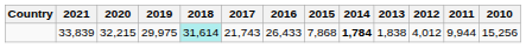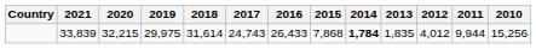 <table class="wikitable sortable">
 <tr>
 <th>Country</th>
 <th>2021</th>
 <th>2020</th>
 <th>2019</th>
 <th>2018</th>
 <th>2017</th>
 <th>2016</th>
 <th>2015</th>
 <th>2014</th>
 <th>2013</th>
 <th>2012</th>
 <th>2011</th>
 <th>2010</th>
 </tr>
 <tr>
 <td></td>
 <td> 33,839</td>
 <td> 32,215</td>
 <td> 29,975</td>
-<td style="background: paleturquoise;"> 31,614</td>
-<td> 21,743</td>
+<td> 31,614</td>
+<td> 24,743</td>
 <td> 26,433</td>
 <td> 7,868</td>
 <td><strong> 1,784</strong></td>
-<td> 1,838</td>
+<td> 1,835</td>
 <td> 4,012</td>
 <td> 9,944</td>
 <td>15,256</td>
 </tr>
 </table>
